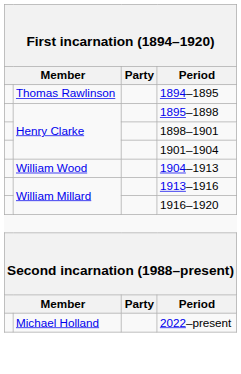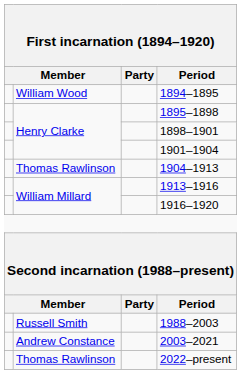 <table class="wikitable" style='border-style: none none none none;'>
 <tr>
 <th colspan="4"><br><h3>First incarnation (1894–1920)</h3></th>
 </tr>
 <tr>
 <th colspan="2">Member</th>
 <th>Party</th>
 <th>Period</th>
 </tr>
 <tr style="background: #f9f9f9">
 <td> </td>
-<td><a href='#'>Thomas Rawlinson</a></td>
+<td><a href='#'>William Wood</a></td>
 <td></td>
 <td><a href='#'>1894</a>–1895</td>
 </tr>
 <tr style="background: #f9f9f9">
 <td> </td>
 <td rowspan="3"><a href='#'>Henry Clarke</a></td>
 <td></td>
 <td><a href='#'>1895</a>–1898</td>
 </tr>
 <tr style="background: #f9f9f9">
 <td> </td>
 <td></td>
 <td>1898–1901</td>
 </tr>
 <tr style="background: #f9f9f9">
 <td> </td>
 <td></td>
 <td>1901–1904</td>
 </tr>
 <tr style="background: #f9f9f9">
 <td> </td>
-<td><a href='#'>William Wood</a></td>
+<td><a href='#'>Thomas Rawlinson</a></td>
 <td></td>
 <td><a href='#'>1904</a>–1913</td>
 </tr>
 <tr style="background: #f9f9f9">
 <td> </td>
 <td rowspan="2"><a href='#'>William Millard</a></td>
 <td></td>
 <td><a href='#'>1913</a>–1916</td>
 </tr>
 <tr style="background: #f9f9f9">
 <td> </td>
 <td></td>
 <td>1916–1920</td>
 </tr>
 <tr>
 <td colspan="4" style='border-style: none none none none;'> </td>
 </tr>
 <tr>
 <th colspan="4"><br><h3>Second incarnation (1988–present)</h3></th>
 </tr>
 <tr>
 <th colspan="2">Member</th>
 <th>Party</th>
 <th>Period</th>
 </tr>
 <tr style="background: #f9f9f9">
 <td> </td>
-<td><a href='#'>Michael Holland</a></td>
+<td><a href='#'>Russell Smith</a></td>
+<td></td>
+<td><a href='#'>1988</a>–2003</td>
+</tr>
+<tr style="background: #f9f9f9">
+<td> </td>
+<td><a href='#'>Andrew Constance</a></td>
+<td></td>
+<td><a href='#'>2003</a>–2021</td>
+</tr>
+<tr style="background: #f9f9f9">
+<td> </td>
+<td><a href='#'>Thomas Rawlinson</a></td>
 <td></td>
 <td><a href='#'>2022</a>–present</td>
 </tr>
 </table>
